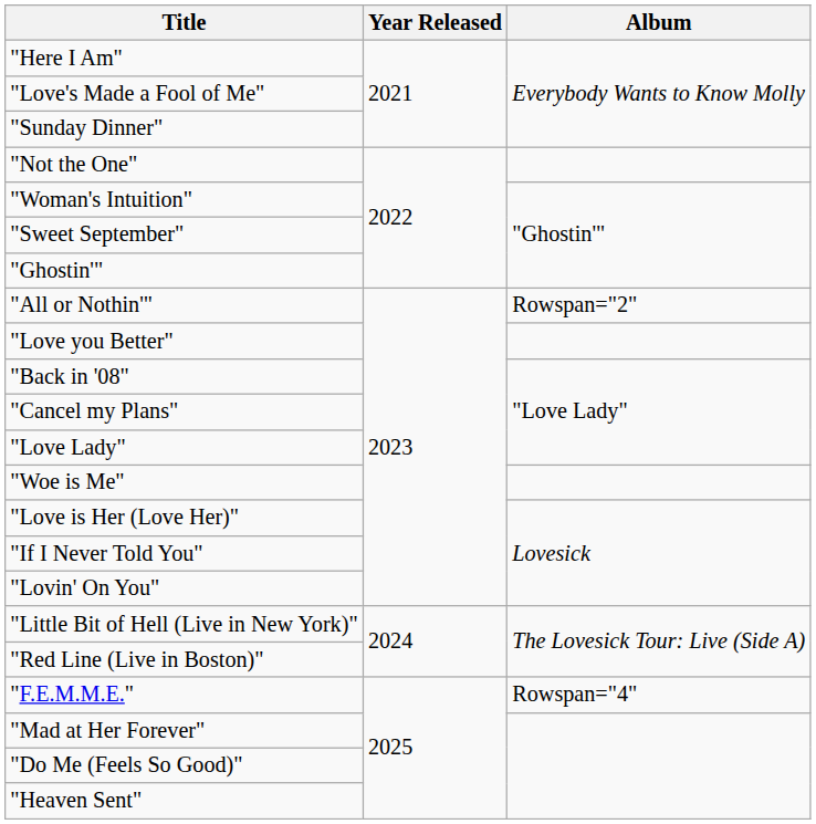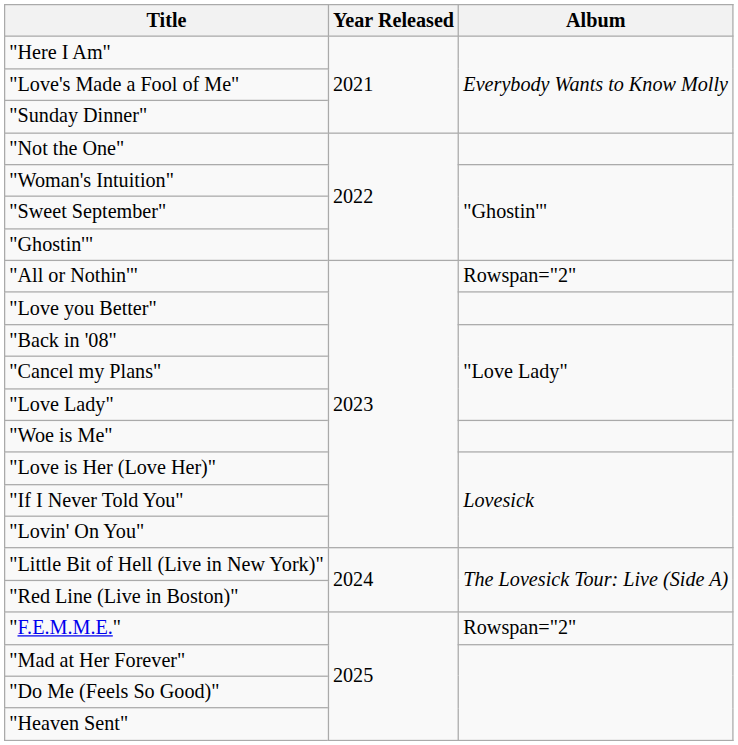 <table class="wikitable">
 <tr>
 <th>Title</th>
 <th>Year Released</th>
 <th>Album</th>
 </tr>
 <tr>
 <td>"Here I Am"</td>
 <td rowspan="3">2021</td>
 <td rowspan="3"><em>Everybody Wants to Know Molly</em></td>
 </tr>
 <tr>
 <td>"Love's Made a Fool of Me"</td>
 </tr>
 <tr>
 <td>"Sunday Dinner"</td>
 </tr>
 <tr>
 <td>"Not the One"</td>
 <td rowspan="4">2022</td>
 <td></td>
 </tr>
 <tr>
 <td>"Woman's Intuition"</td>
 <td Rowspan="3">"Ghostin'"</td>
 </tr>
 <tr>
 <td>"Sweet September"</td>
 </tr>
 <tr>
 <td>"Ghostin'"</td>
 </tr>
 <tr>
 <td>"All or Nothin'"</td>
 <td rowspan="9">2023</td>
 <td>Rowspan="2"</td>
 </tr>
 <tr>
 <td>"Love you Better"</td>
 </tr>
 <tr>
 <td>"Back in '08"</td>
 <td Rowspan="3">"Love Lady"</td>
 </tr>
 <tr>
 <td>"Cancel my Plans"</td>
 </tr>
 <tr>
 <td>"Love Lady"</td>
 </tr>
 <tr>
 <td>"Woe is Me"</td>
 <td></td>
 </tr>
 <tr>
 <td>"Love is Her (Love Her)"</td>
 <td rowspan="3"><em>Lovesick</em></td>
 </tr>
 <tr>
 <td>"If I Never Told You"</td>
 </tr>
 <tr>
 <td>"Lovin' On You"</td>
 </tr>
 <tr>
 <td>"Little Bit of Hell (Live in New York)"</td>
 <td rowspan="2">2024</td>
 <td rowspan="2"><em>The Lovesick Tour: Live (Side A)</em></td>
 </tr>
 <tr>
 <td>"Red Line (Live in Boston)"</td>
 </tr>
 <tr>
 <td>"<a href='#'>F.E.M.M.E.</a>"</td>
 <td rowspan="4" 2025>2025</td>
-<td>Rowspan="4"</td>
+<td>Rowspan="2"</td>
 </tr>
 <tr>
 <td>"Mad at Her Forever"</td>
 </tr>
 <tr>
 <td>"Do Me (Feels So Good)"</td>
 </tr>
 <tr>
 <td>"Heaven Sent"</td>
 </tr>
 </table>
